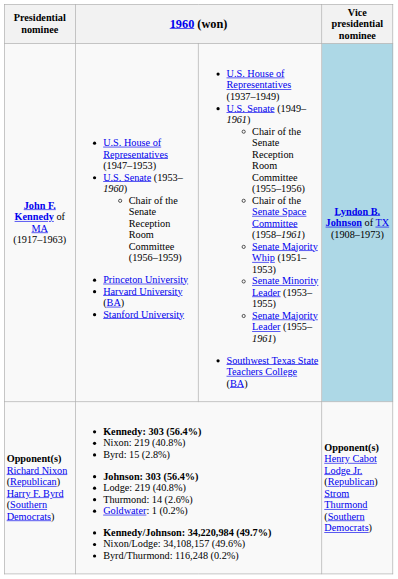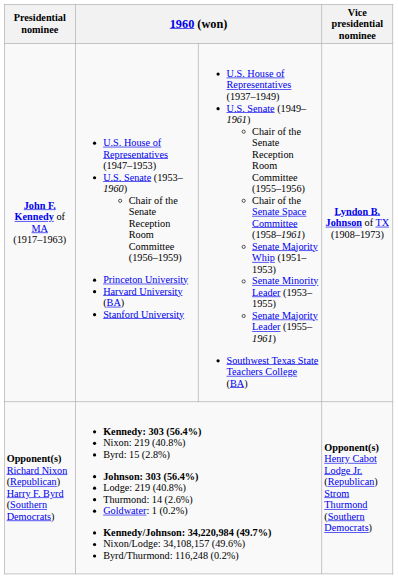 <table class="wikitable">
 <tr>
 <th width=190>Presidential<br>nominee</th>
 <th colspan=2><big><a href='#'>1960</a> (won)</big></th>
 <th width=190>Vice presidential<br>nominee</th>
 </tr>
 <tr>
 <td style="text-align:center;"><strong><a href='#'>John F. Kennedy</a></strong> of <a href='#'>MA</a><br>(1917–1963)<br></td>
 <td width=350><br><ul><li><a href='#'>U.S. House of Representatives</a> (1947–1953)</li><li><a href='#'>U.S. Senate</a> (1953–<em>1960</em>)<ul><li>Chair of the Senate Reception Room Committee (1956–1959)</li></ul></li></ul><ul><li><a href='#'>Princeton University</a></li><li><a href='#'>Harvard University</a> (<a href='#'>BA</a>)</li><li><a href='#'>Stanford University</a></li></ul></td>
 <td width=350><br><ul><li><a href='#'>U.S. House of Representatives</a> (1937–1949)</li><li><a href='#'>U.S. Senate</a> (1949–<em>1961</em>)<ul><li>Chair of the Senate Reception Room Committee (1955–1956)</li><li>Chair of the <a href='#'>Senate Space Committee</a> (1958–<em>1961</em>)</li><li><a href='#'>Senate Majority Whip</a> (1951–1953)</li><li><a href='#'>Senate Minority Leader</a> (1953–1955)</li><li><a href='#'>Senate Majority Leader</a> (1955–<em>1961</em>)</li></ul></li></ul><ul><li><a href='#'>Southwest Texas State Teachers College</a> (<a href='#'>BA</a>)</li></ul></td>
-<td style="background: lightblue; text-align:center;"><strong><a href='#'>Lyndon B. Johnson</a></strong> of <a href='#'>TX</a><br>(1908–1973)<br></td>
+<td style="text-align:center;"><strong><a href='#'>Lyndon B. Johnson</a></strong> of <a href='#'>TX</a><br>(1908–1973)<br></td>
 </tr>
 <tr>
 <td><strong>Opponent(s)</strong><br><a href='#'>Richard Nixon</a> (<a href='#'>Republican</a>)<br><a href='#'>Harry F. Byrd</a> (<a href='#'>Southern<br>Democrats</a>)</td>
 <td colspan=2><br><ul><li><strong>Kennedy: 303 (56.4%)</strong></li><li>Nixon: 219 (40.8%)</li><li>Byrd: 15 (2.8%)</li></ul><ul><li><strong>Johnson: 303 (56.4%)</strong></li><li>Lodge: 219 (40.8%)</li><li>Thurmond: 14 (2.6%)</li><li><a href='#'>Goldwater</a>: 1 (0.2%)</li></ul><ul><li><strong>Kennedy/Johnson: 34,220,984 (49.7%)</strong></li><li>Nixon/Lodge: 34,108,157 (49.6%)</li><li>Byrd/Thurmond: 116,248 (0.2%)</li></ul></td>
 <td><strong>Opponent(s)</strong><br><a href='#'>Henry Cabot Lodge Jr.</a> (<a href='#'>Republican</a>)<br><a href='#'>Strom Thurmond</a> (<a href='#'>Southern<br>Democrats</a>)</td>
 </tr>
 </table>
